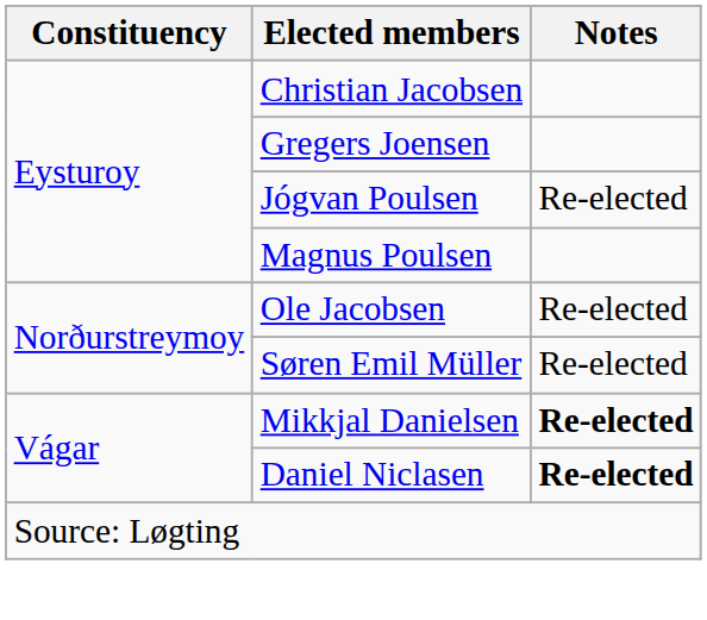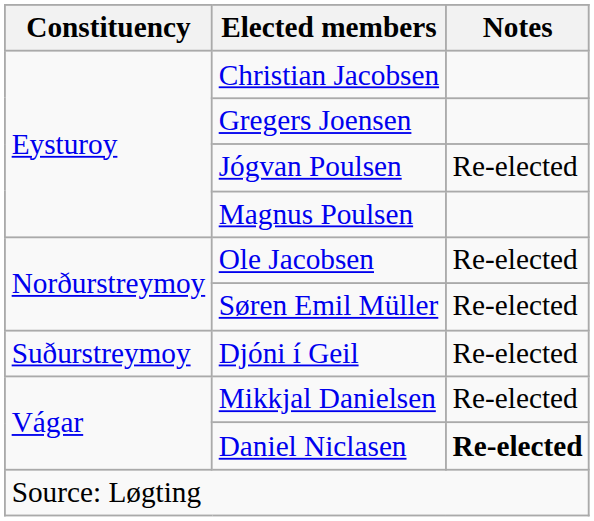 <table class=wikitable>
 <tr>
 <th>Constituency</th>
 <th>Elected members</th>
 <th>Notes</th>
 </tr>
 <tr>
 <td rowspan=4><a href='#'>Eysturoy</a></td>
 <td><a href='#'>Christian Jacobsen</a></td>
 <td></td>
 </tr>
 <tr>
 <td><a href='#'>Gregers Joensen</a></td>
 <td></td>
 </tr>
 <tr>
 <td><a href='#'>Jógvan Poulsen</a></td>
 <td>Re-elected</td>
 </tr>
 <tr>
 <td><a href='#'>Magnus Poulsen</a></td>
 <td></td>
 </tr>
 <tr>
 <td rowspan=2><a href='#'>Norðurstreymoy</a></td>
 <td><a href='#'>Ole Jacobsen</a></td>
 <td>Re-elected</td>
 </tr>
 <tr>
 <td><a href='#'>Søren Emil Müller</a></td>
 <td>Re-elected</td>
 </tr>
 <tr>
+<td><a href='#'>Suðurstreymoy</a></td>
+<td><a href='#'>Djóni í Geil</a></td>
+<td>Re-elected</td>
+</tr>
+<tr>
 <td rowspan=2><a href='#'>Vágar</a></td>
 <td><a href='#'>Mikkjal Danielsen</a></td>
-<td><strong>Re-elected</strong></td>
+<td>Re-elected</td>
 </tr>
 <tr>
 <td><a href='#'>Daniel Niclasen</a></td>
 <td><strong>Re-elected</strong></td>
 </tr>
 <tr>
 <td colspan=3>Source: Løgting</td>
 </tr>
 </table>
